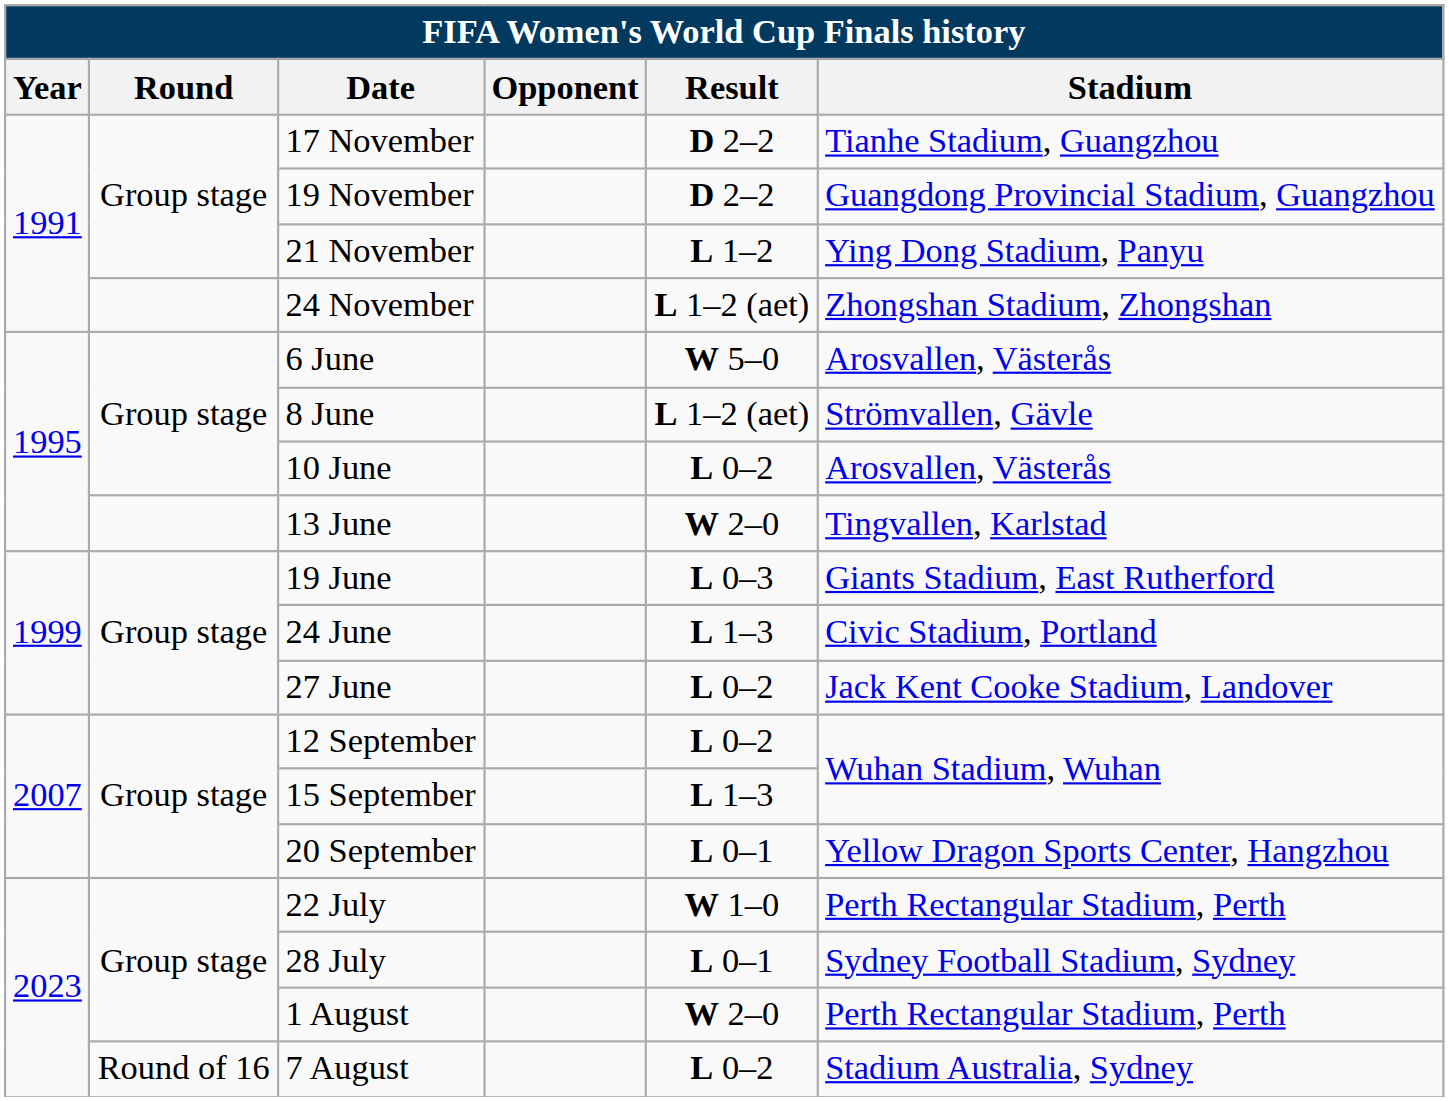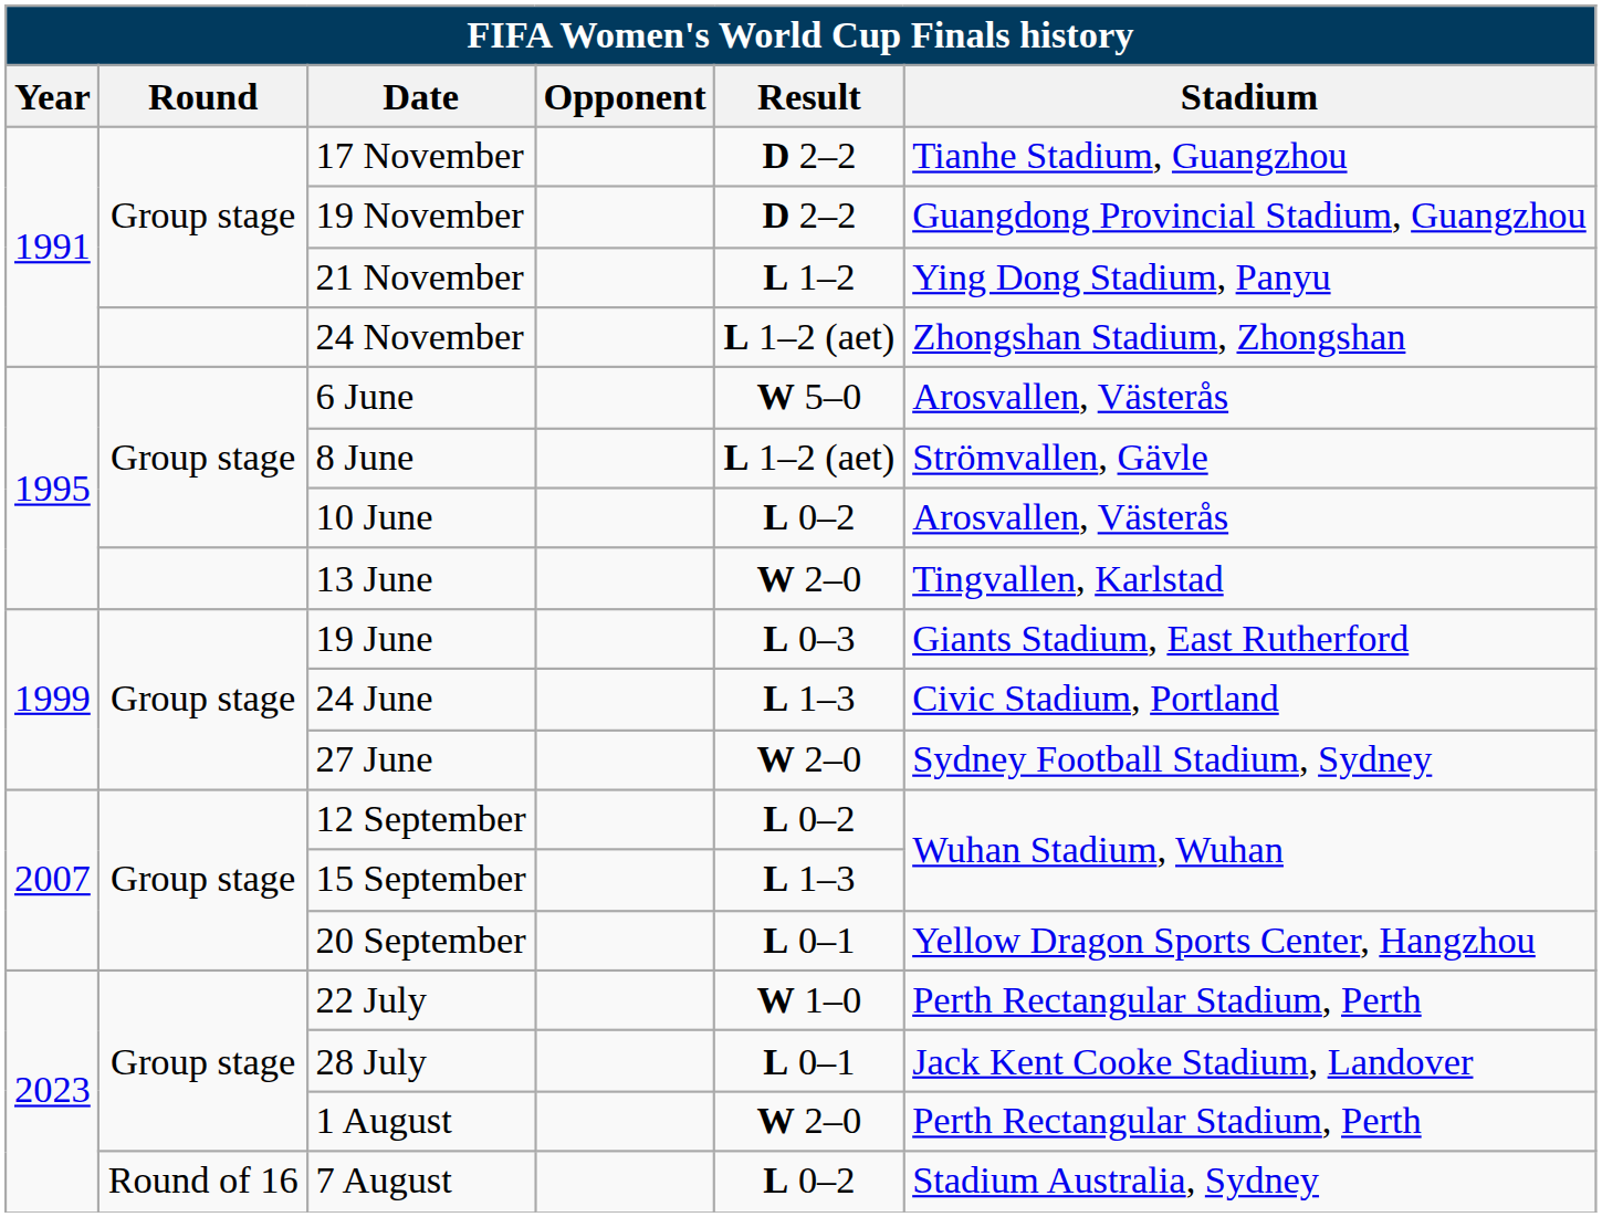 <table class="wikitable collapsible collapsed" style="text-align: center;font-size:100%;">
 <tr>
 <th colspan=6 style="background: #013A5E; color: #FFFFFF;">FIFA Women's World Cup Finals history</th>
 </tr>
 <tr>
 <th>Year</th>
 <th>Round</th>
 <th>Date</th>
 <th>Opponent</th>
 <th>Result</th>
 <th>Stadium</th>
 </tr>
 <tr>
 <td rowspan=4> <a href='#'>1991</a></td>
 <td rowspan=3>Group stage</td>
 <td align="left">17 November</td>
 <td align="left"></td>
 <td><strong>D</strong> 2–2</td>
 <td align="left"><a href='#'>Tianhe Stadium</a>, <a href='#'>Guangzhou</a></td>
 </tr>
 <tr>
 <td align="left">19 November</td>
 <td align="left"></td>
 <td><strong>D</strong> 2–2</td>
 <td align="left"><a href='#'>Guangdong Provincial Stadium</a>, <a href='#'>Guangzhou</a></td>
 </tr>
 <tr>
 <td align="left">21 November</td>
 <td align="left"></td>
 <td><strong>L</strong> 1–2</td>
 <td align="left"><a href='#'>Ying Dong Stadium</a>, <a href='#'>Panyu</a></td>
 </tr>
 <tr>
 <td></td>
 <td align="left">24 November</td>
 <td align="left"></td>
 <td><strong>L</strong> 1–2 (aet)</td>
 <td align="left"><a href='#'>Zhongshan Stadium</a>, <a href='#'>Zhongshan</a></td>
 </tr>
 <tr>
 <td rowspan=4> <a href='#'>1995</a></td>
 <td rowspan=3>Group stage</td>
 <td align="left">6 June</td>
 <td align="left"></td>
 <td><strong>W</strong> 5–0</td>
 <td align="left"><a href='#'>Arosvallen</a>, <a href='#'>Västerås</a></td>
 </tr>
 <tr>
 <td align="left">8 June</td>
 <td align="left"></td>
 <td><strong>L</strong> 1–2 (aet)</td>
 <td align="left"><a href='#'>Strömvallen</a>, <a href='#'>Gävle</a></td>
 </tr>
 <tr>
 <td align="left">10 June</td>
 <td align="left"></td>
 <td><strong>L</strong> 0–2</td>
 <td align="left"><a href='#'>Arosvallen</a>, <a href='#'>Västerås</a></td>
 </tr>
 <tr>
 <td></td>
 <td align="left">13 June</td>
 <td align="left"></td>
 <td><strong>W</strong> 2–0</td>
 <td align="left"><a href='#'>Tingvallen</a>, <a href='#'>Karlstad</a></td>
 </tr>
 <tr>
 <td rowspan=3> <a href='#'>1999</a></td>
 <td rowspan=3>Group stage</td>
 <td align="left">19 June</td>
 <td align="left"></td>
 <td><strong>L</strong> 0–3</td>
 <td align="left"><a href='#'>Giants Stadium</a>, <a href='#'>East Rutherford</a></td>
 </tr>
 <tr>
 <td align="left">24 June</td>
 <td align="left"></td>
 <td><strong>L</strong> 1–3</td>
 <td align="left"><a href='#'>Civic Stadium</a>, <a href='#'>Portland</a></td>
 </tr>
 <tr>
 <td align="left">27 June</td>
 <td align="left"></td>
-<td><strong>L</strong> 0–2</td>
-<td align="left"><a href='#'>Jack Kent Cooke Stadium</a>, <a href='#'>Landover</a></td>
+<td><strong>W</strong> 2–0</td>
+<td align="left"><a href='#'>Sydney Football Stadium</a>, <a href='#'>Sydney</a></td>
 </tr>
 <tr>
 <td rowspan=3> <a href='#'>2007</a></td>
 <td rowspan=3>Group stage</td>
 <td align="left">12 September</td>
 <td align="left"></td>
 <td><strong>L</strong> 0–2</td>
 <td rowspan=2 align="left"><a href='#'>Wuhan Stadium</a>, <a href='#'>Wuhan</a></td>
 </tr>
 <tr>
 <td align="left">15 September</td>
 <td align="left"></td>
 <td><strong>L</strong> 1–3</td>
 </tr>
 <tr>
 <td align="left">20 September</td>
 <td align="left"></td>
 <td><strong>L</strong> 0–1</td>
 <td align="left"><a href='#'>Yellow Dragon Sports Center</a>, <a href='#'>Hangzhou</a></td>
 </tr>
 <tr>
 <td rowspan=4>  <a href='#'>2023</a></td>
 <td rowspan=3>Group stage</td>
 <td align="left">22 July</td>
 <td align="left"></td>
 <td><strong>W</strong> 1–0</td>
 <td align="left"><a href='#'>Perth Rectangular Stadium</a>, <a href='#'>Perth</a></td>
 </tr>
 <tr>
 <td align="left">28 July</td>
 <td align="left"></td>
 <td><strong>L</strong> 0–1</td>
-<td align="left"><a href='#'>Sydney Football Stadium</a>, <a href='#'>Sydney</a></td>
+<td align="left"><a href='#'>Jack Kent Cooke Stadium</a>, <a href='#'>Landover</a></td>
 </tr>
 <tr>
 <td align="left">1 August</td>
 <td align="left"></td>
 <td><strong>W</strong> 2–0</td>
 <td align="left"><a href='#'>Perth Rectangular Stadium</a>, <a href='#'>Perth</a></td>
 </tr>
 <tr>
 <td>Round of 16</td>
 <td align="left">7 August</td>
 <td align="left"></td>
 <td><strong>L</strong> 0–2</td>
 <td align="left"><a href='#'>Stadium Australia</a>, <a href='#'>Sydney</a></td>
 </tr>
 </table>
